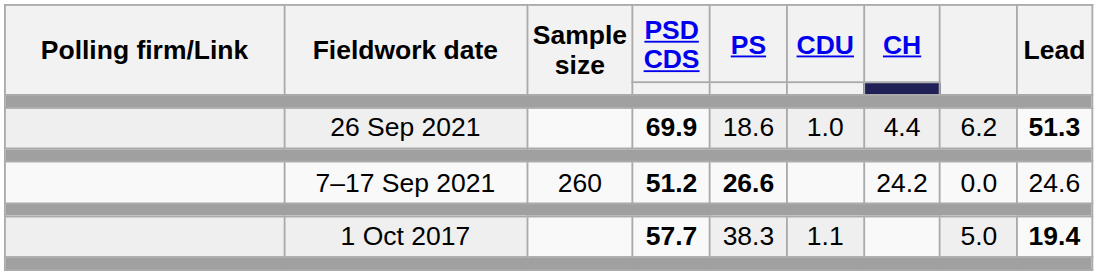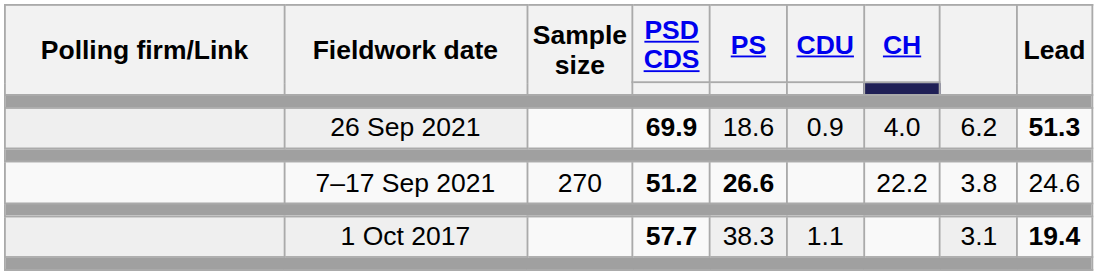 <table class="wikitable sortable mw-datatable" style="text-align:center;font-size:90%;line-height:16px;">
 <tr style="height:42px;">
 <th style="width:145px;" rowspan="2">Polling firm/Link</th>
 <th style="width:125px;" rowspan="2">Fieldwork date</th>
 <th class="unsortable" style="width:50px;" rowspan="2">Sample size</th>
 <th class="unsortable" style="width:35px;"><a href='#'>PSD</a><br><a href='#'>CDS</a></th>
 <th class="unsortable" style="width:35px;"><a href='#'>PS</a></th>
 <th class="unsortable" style="width:35px;"><a href='#'>CDU</a></th>
 <th class="unsortable" style="width:35px;"><a href='#'>CH</a></th>
 <th class="unsortable" style="width:35px;" rowspan="2"></th>
 <th class="unsortable" style="width:30px;" rowspan="2">Lead</th>
 </tr>
 <tr>
 <th class="unsortable" style="color:inherit;background:"></th>
 <th class="unsortable" style="color:inherit;background:"></th>
 <th class="unsortable" style="color:inherit;background:"></th>
 <th class="unsortable" style="color:inherit;background:#202056;"></th>
 </tr>
 <tr>
 <td colspan="12" style="background:#A0A0A0"></td>
 </tr>
 <tr>
 <td style="background:#EFEFEF;"><strong></strong></td>
 <td style="background:#EFEFEF;" data-sort-value="2019-10-06">26 Sep 2021</td>
 <td></td>
 <td><strong>69.9</strong><br></td>
 <td style="background:#EFEFEF;">18.6<br></td>
-<td style="background:#EFEFEF;">1.0<br></td>
-<td style="background:#EFEFEF;">4.4<br></td>
+<td style="background:#EFEFEF;">0.9<br></td>
+<td style="background:#EFEFEF;">4.0<br></td>
 <td style="background:#EFEFEF;">6.2</td>
 <td style="background:"><strong>51.3</strong></td>
 </tr>
 <tr>
 <td colspan="12" style="background:#A0A0A0"></td>
 </tr>
 <tr>
 <td align="center"></td>
 <td align="center">7–17 Sep 2021</td>
-<td align="center">260</td>
+<td align="center">270</td>
 <td align="center" ><strong>51.2</strong></td>
 <td align="center"><strong>26.6</strong></td>
 <td></td>
-<td align="center">24.2</td>
-<td align="center">0.0</td>
+<td align="center">22.2</td>
+<td align="center">3.8</td>
 <td style="background:">24.6</td>
 </tr>
 <tr>
 <td colspan="12" style="background:#A0A0A0"></td>
 </tr>
 <tr>
 <td style="background:#EFEFEF;"><strong></strong></td>
 <td style="background:#EFEFEF;" data-sort-value="2019-10-06">1 Oct 2017</td>
 <td></td>
 <td><strong>57.7</strong><br></td>
 <td style="background:#EFEFEF;">38.3<br></td>
 <td style="background:#EFEFEF;">1.1<br></td>
 <td></td>
-<td style="background:#EFEFEF;">5.0</td>
+<td style="background:#EFEFEF;">3.1</td>
 <td style="background:"><strong>19.4</strong></td>
 </tr>
 <tr>
 <td colspan="12" style="background:#A0A0A0"></td>
 </tr>
 </table>
